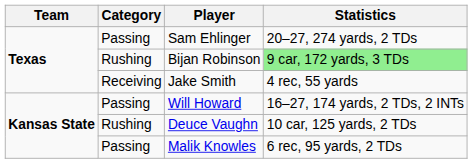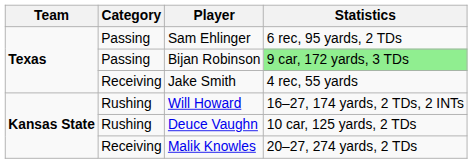 <table class="wikitable" style="float: right;">
 <tr>
 <th>Team</th>
 <th>Category</th>
 <th>Player</th>
 <th>Statistics</th>
 </tr>
 <tr>
 <td rowspan=3><strong>Texas</strong></td>
 <td>Passing</td>
 <td>Sam Ehlinger</td>
-<td>20–27, 274 yards, 2 TDs</td>
+<td>6 rec, 95 yards, 2 TDs</td>
 </tr>
 <tr>
-<td>Rushing</td>
+<td>Passing</td>
 <td>Bijan Robinson</td>
 <td style="background: lightgreen;">9 car, 172 yards, 3 TDs</td>
 </tr>
 <tr>
 <td>Receiving</td>
 <td>Jake Smith</td>
 <td>4 rec, 55 yards</td>
 </tr>
 <tr>
 <td rowspan=3><strong>Kansas State</strong></td>
-<td>Passing</td>
+<td>Rushing</td>
 <td><a href='#'>Will Howard</a></td>
 <td>16–27, 174 yards, 2 TDs, 2 INTs</td>
 </tr>
 <tr>
 <td>Rushing</td>
 <td><a href='#'>Deuce Vaughn</a></td>
 <td>10 car, 125 yards, 2 TDs</td>
 </tr>
 <tr>
-<td>Passing</td>
+<td>Receiving</td>
 <td><a href='#'>Malik Knowles</a></td>
-<td>6 rec, 95 yards, 2 TDs</td>
+<td>20–27, 274 yards, 2 TDs</td>
 </tr>
 </table>
